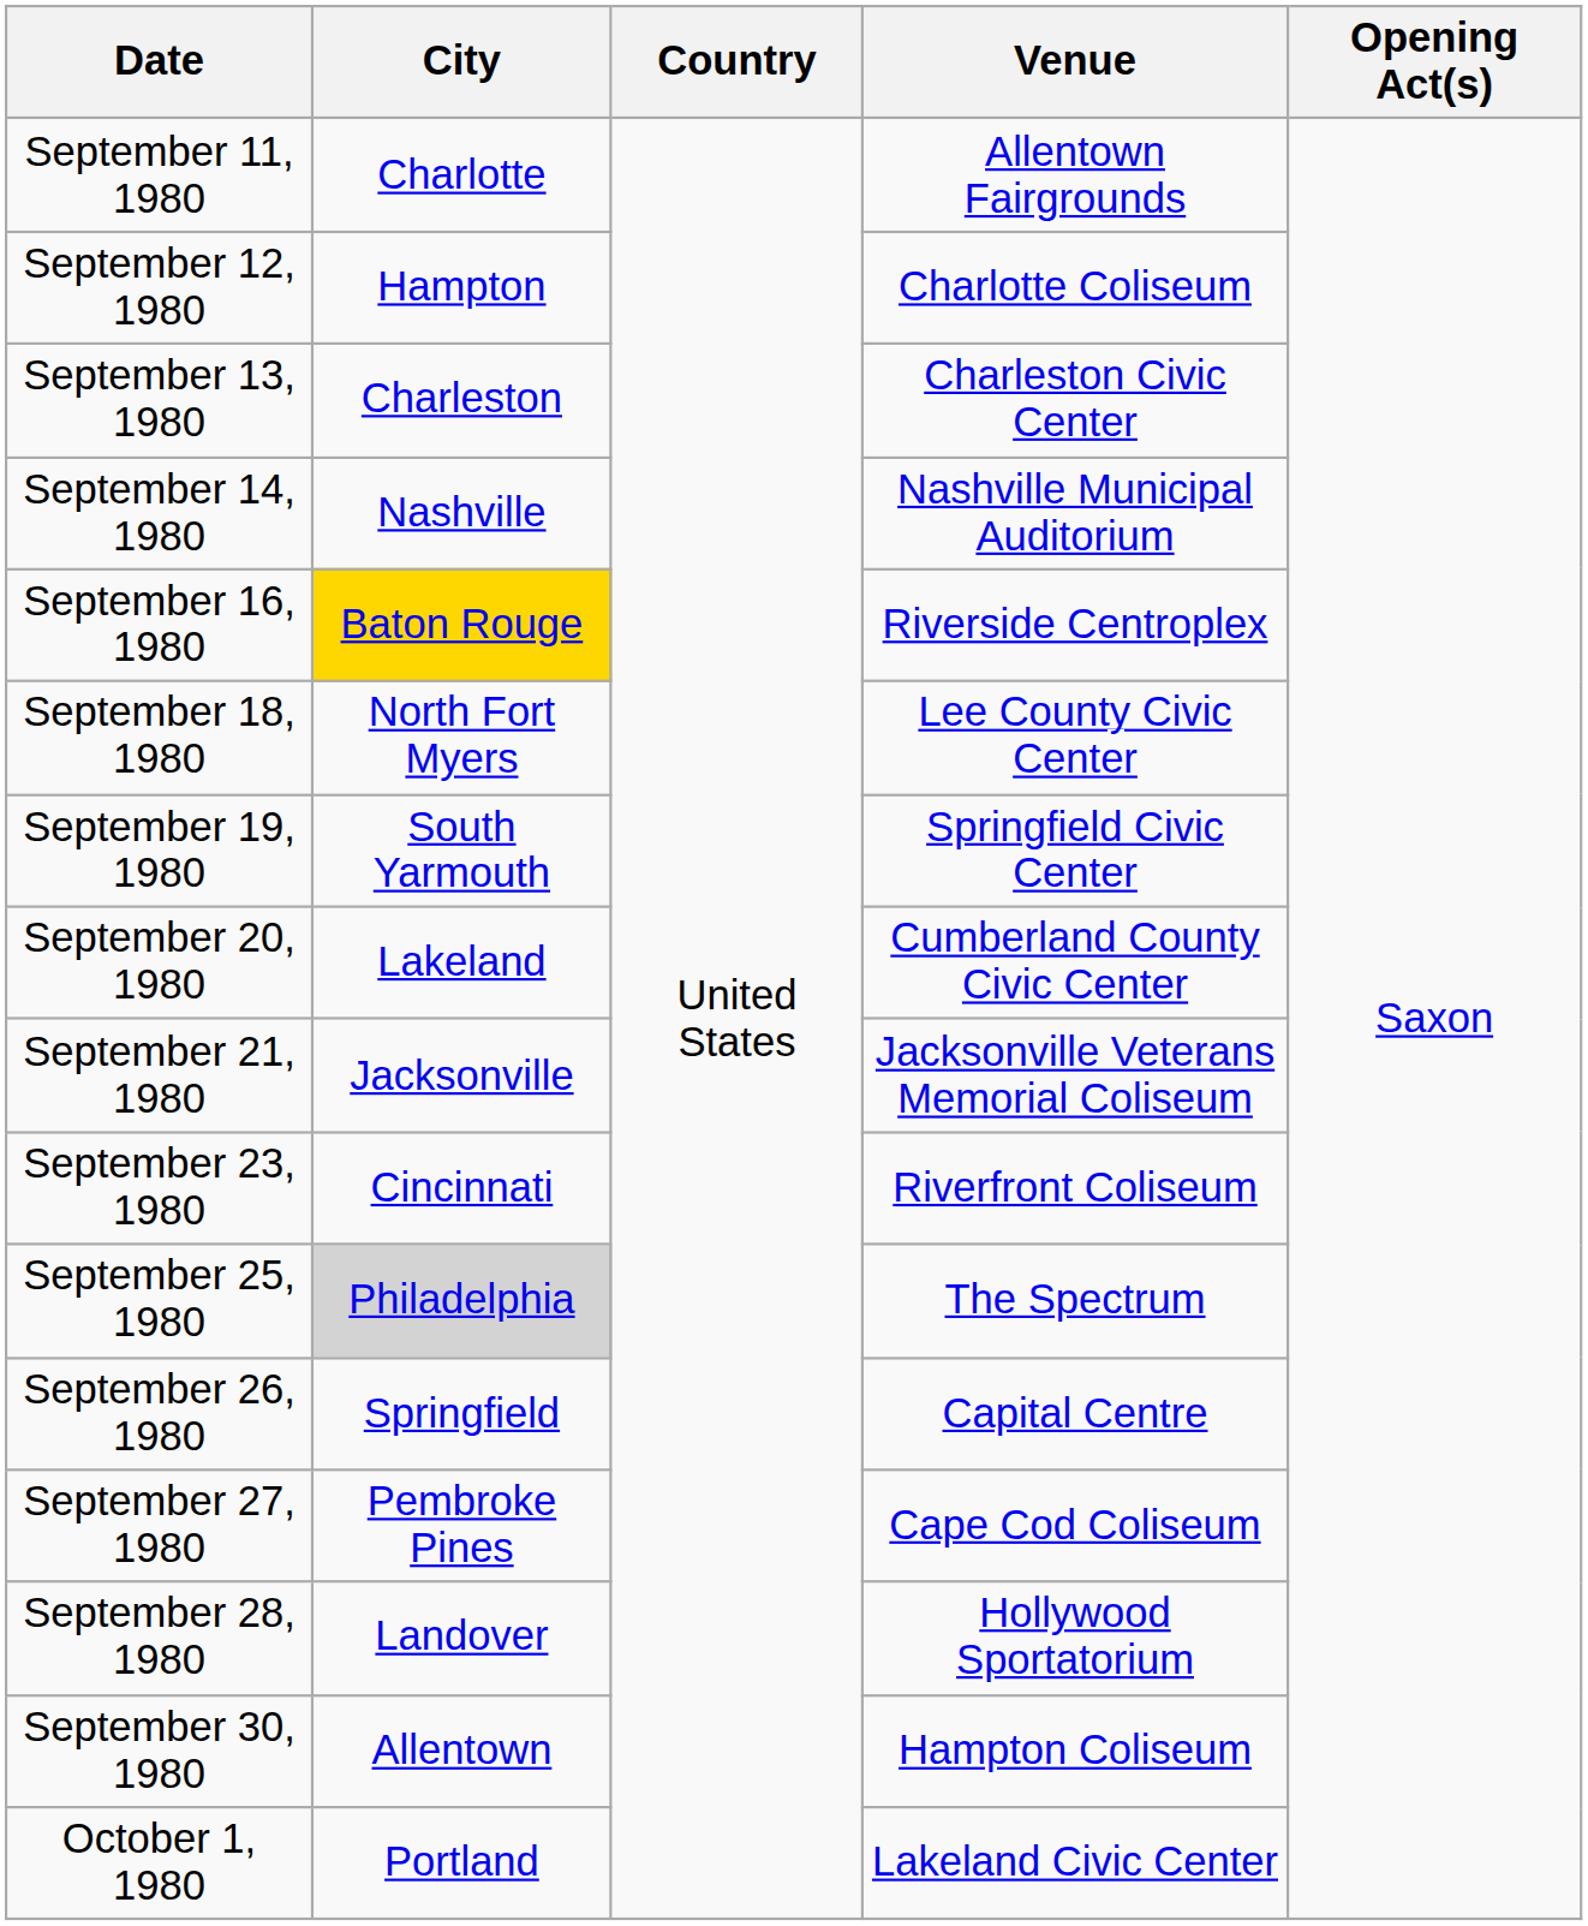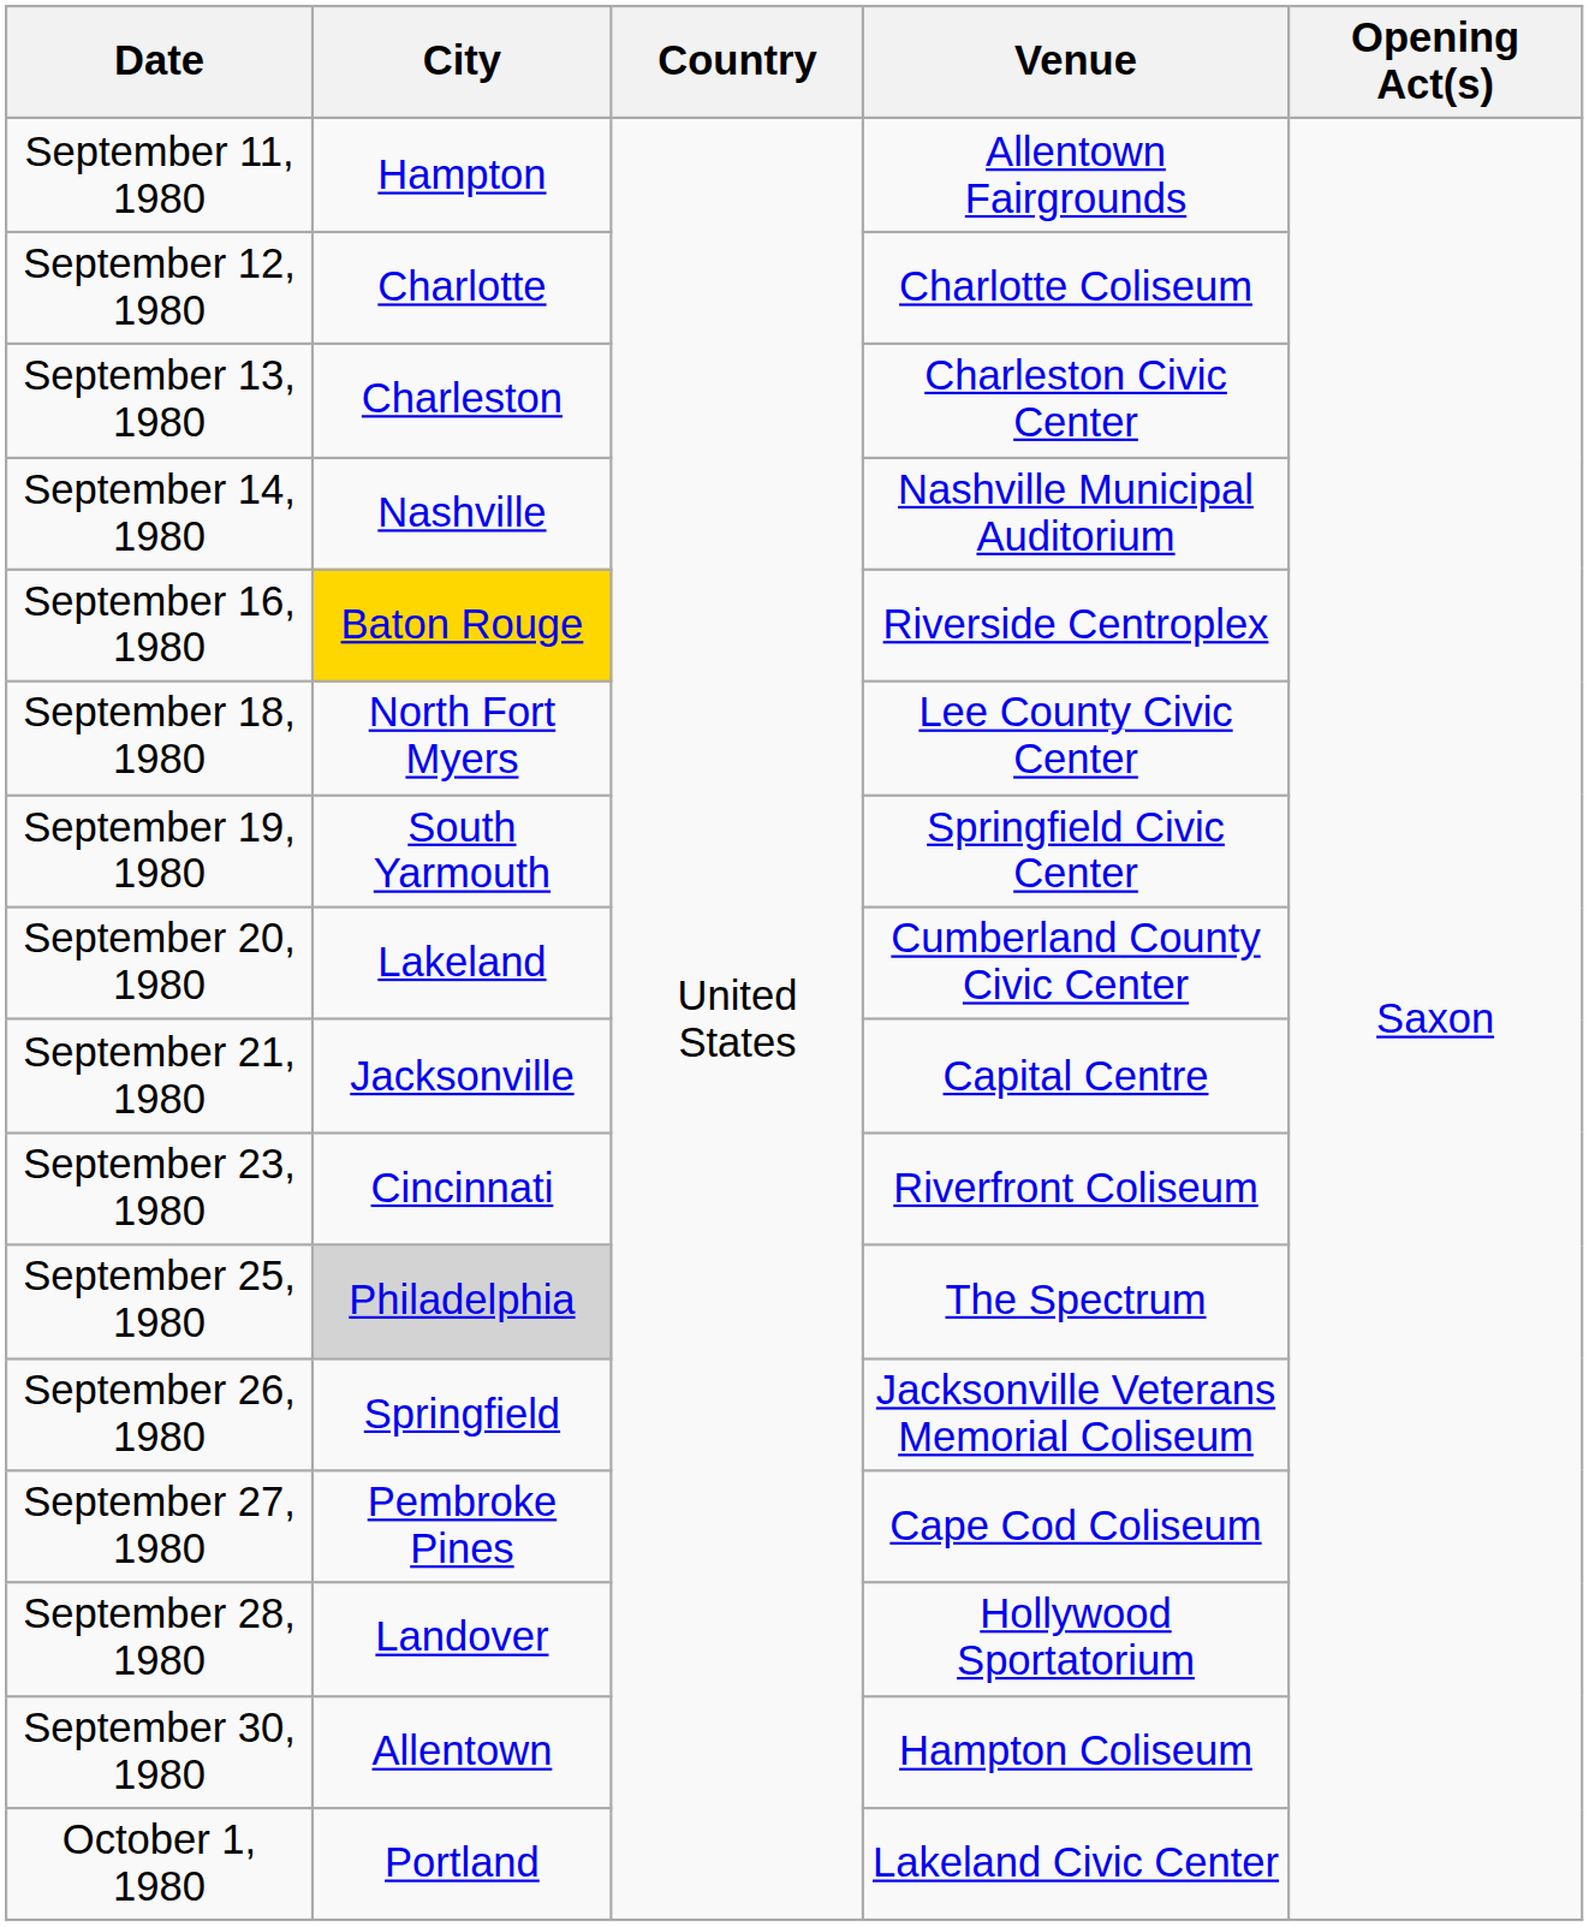 <table class="wikitable plainrowheaders" style="text-align:center;">
 <tr>
 <th scope="col" style="width:12em;">Date</th>
 <th scope="col" style="width:10em;">City</th>
 <th scope="col" style="width:10em;">Country</th>
 <th scope="col" style="width:20em;">Venue</th>
 <th scope="col" style="width:13em;">Opening Act(s)</th>
 </tr>
 <tr>
 <td>September 11, 1980</td>
-<td><a href='#'>Charlotte</a></td>
+<td><a href='#'>Hampton</a></td>
 <td rowspan="16">United States</td>
 <td><a href='#'>Allentown Fairgrounds</a></td>
 <td rowspan="16"><a href='#'>Saxon</a></td>
 </tr>
 <tr>
 <td>September 12, 1980</td>
-<td><a href='#'>Hampton</a></td>
+<td><a href='#'>Charlotte</a></td>
 <td><a href='#'>Charlotte Coliseum</a></td>
 </tr>
 <tr>
 <td>September 13, 1980</td>
 <td><a href='#'>Charleston</a></td>
 <td><a href='#'>Charleston Civic Center</a></td>
 </tr>
 <tr>
 <td>September 14, 1980</td>
 <td><a href='#'>Nashville</a></td>
 <td><a href='#'>Nashville Municipal Auditorium</a></td>
 </tr>
 <tr>
 <td>September 16, 1980</td>
 <td style="background: gold;"><a href='#'>Baton Rouge</a></td>
 <td><a href='#'>Riverside Centroplex</a></td>
 </tr>
 <tr>
 <td>September 18, 1980</td>
 <td><a href='#'>North Fort Myers</a></td>
 <td><a href='#'>Lee County Civic Center</a></td>
 </tr>
 <tr>
 <td>September 19, 1980</td>
 <td><a href='#'>South Yarmouth</a></td>
 <td><a href='#'>Springfield Civic Center</a></td>
 </tr>
 <tr>
 <td>September 20, 1980</td>
 <td><a href='#'>Lakeland</a></td>
 <td><a href='#'>Cumberland County Civic Center</a></td>
 </tr>
 <tr>
 <td>September 21, 1980</td>
 <td><a href='#'>Jacksonville</a></td>
-<td><a href='#'>Jacksonville Veterans Memorial Coliseum</a></td>
+<td><a href='#'>Capital Centre</a></td>
 </tr>
 <tr>
 <td>September 23, 1980</td>
 <td><a href='#'>Cincinnati</a></td>
 <td><a href='#'>Riverfront Coliseum</a></td>
 </tr>
 <tr>
 <td>September 25, 1980</td>
 <td style="background: lightgrey;"><a href='#'>Philadelphia</a></td>
 <td><a href='#'>The Spectrum</a></td>
 </tr>
 <tr>
 <td>September 26, 1980</td>
 <td><a href='#'>Springfield</a></td>
-<td><a href='#'>Capital Centre</a></td>
+<td><a href='#'>Jacksonville Veterans Memorial Coliseum</a></td>
 </tr>
 <tr>
 <td>September 27, 1980</td>
 <td><a href='#'>Pembroke Pines</a></td>
 <td><a href='#'>Cape Cod Coliseum</a></td>
 </tr>
 <tr>
 <td>September 28, 1980</td>
 <td><a href='#'>Landover</a></td>
 <td><a href='#'>Hollywood Sportatorium</a></td>
 </tr>
 <tr>
 <td>September 30, 1980</td>
 <td><a href='#'>Allentown</a></td>
 <td><a href='#'>Hampton Coliseum</a></td>
 </tr>
 <tr>
 <td>October 1, 1980</td>
 <td><a href='#'>Portland</a></td>
 <td><a href='#'>Lakeland Civic Center</a></td>
 </tr>
 </table>
